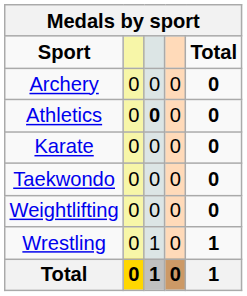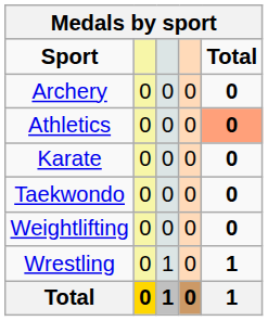 <table class="wikitable" style="font-size:85%">
 <tr style="background:#efefef;">
 <th colspan=7><strong>Medals by sport</strong></th>
 </tr>
 <tr align=center>
 <td><strong>Sport</strong></td>
 <td bgcolor=#f7f6a8></td>
 <td bgcolor=#dce5e5></td>
 <td bgcolor=#ffdab9></td>
 <td><strong>Total</strong></td>
 </tr>
 <tr align=center>
 <td><a href='#'>Archery</a></td>
 <td style="background:#F7F6A8;">0</td>
 <td style="background:#DCE5E5;">0</td>
 <td style="background:#FFDAB9;">0</td>
 <td><strong>0</strong></td>
 </tr>
 <tr align=center>
 <td><a href='#'>Athletics</a></td>
 <td style="background:#F7F6A8;">0</td>
-<td style="background:#DCE5E5;"><strong>0</strong></td>
+<td style="background:#DCE5E5;">0</td>
 <td style="background:#FFDAB9;">0</td>
-<td><strong>0</strong></td>
+<td style="background: lightsalmon;"><strong>0</strong></td>
 </tr>
 <tr align=center>
 <td><a href='#'>Karate</a></td>
 <td style="background:#F7F6A8;">0</td>
 <td style="background:#DCE5E5;">0</td>
 <td style="background:#FFDAB9;">0</td>
 <td><strong>0</strong></td>
 </tr>
 <tr align=center>
 <td><a href='#'>Taekwondo</a></td>
 <td style="background:#F7F6A8;">0</td>
 <td style="background:#DCE5E5;">0</td>
 <td style="background:#FFDAB9;">0</td>
 <td><strong>0</strong></td>
 </tr>
 <tr align=center>
 <td><a href='#'>Weightlifting</a></td>
 <td style="background:#F7F6A8;">0</td>
 <td style="background:#DCE5E5;">0</td>
 <td style="background:#FFDAB9;">0</td>
 <td><strong>0</strong></td>
 </tr>
 <tr align=center>
 <td><a href='#'>Wrestling</a></td>
 <td style="background:#F7F6A8;">0</td>
 <td style="background:#DCE5E5;">1</td>
 <td style="background:#FFDAB9;">0</td>
 <td><strong>1</strong></td>
 </tr>
 <tr align=center>
 <th><strong>Total</strong></th>
 <th style="background:gold;"><strong>0</strong></th>
 <th style="background:silver;"><strong>1</strong></th>
 <th style="background:#c96;"><strong>0</strong></th>
 <th><strong>1</strong></th>
 </tr>
 </table>
